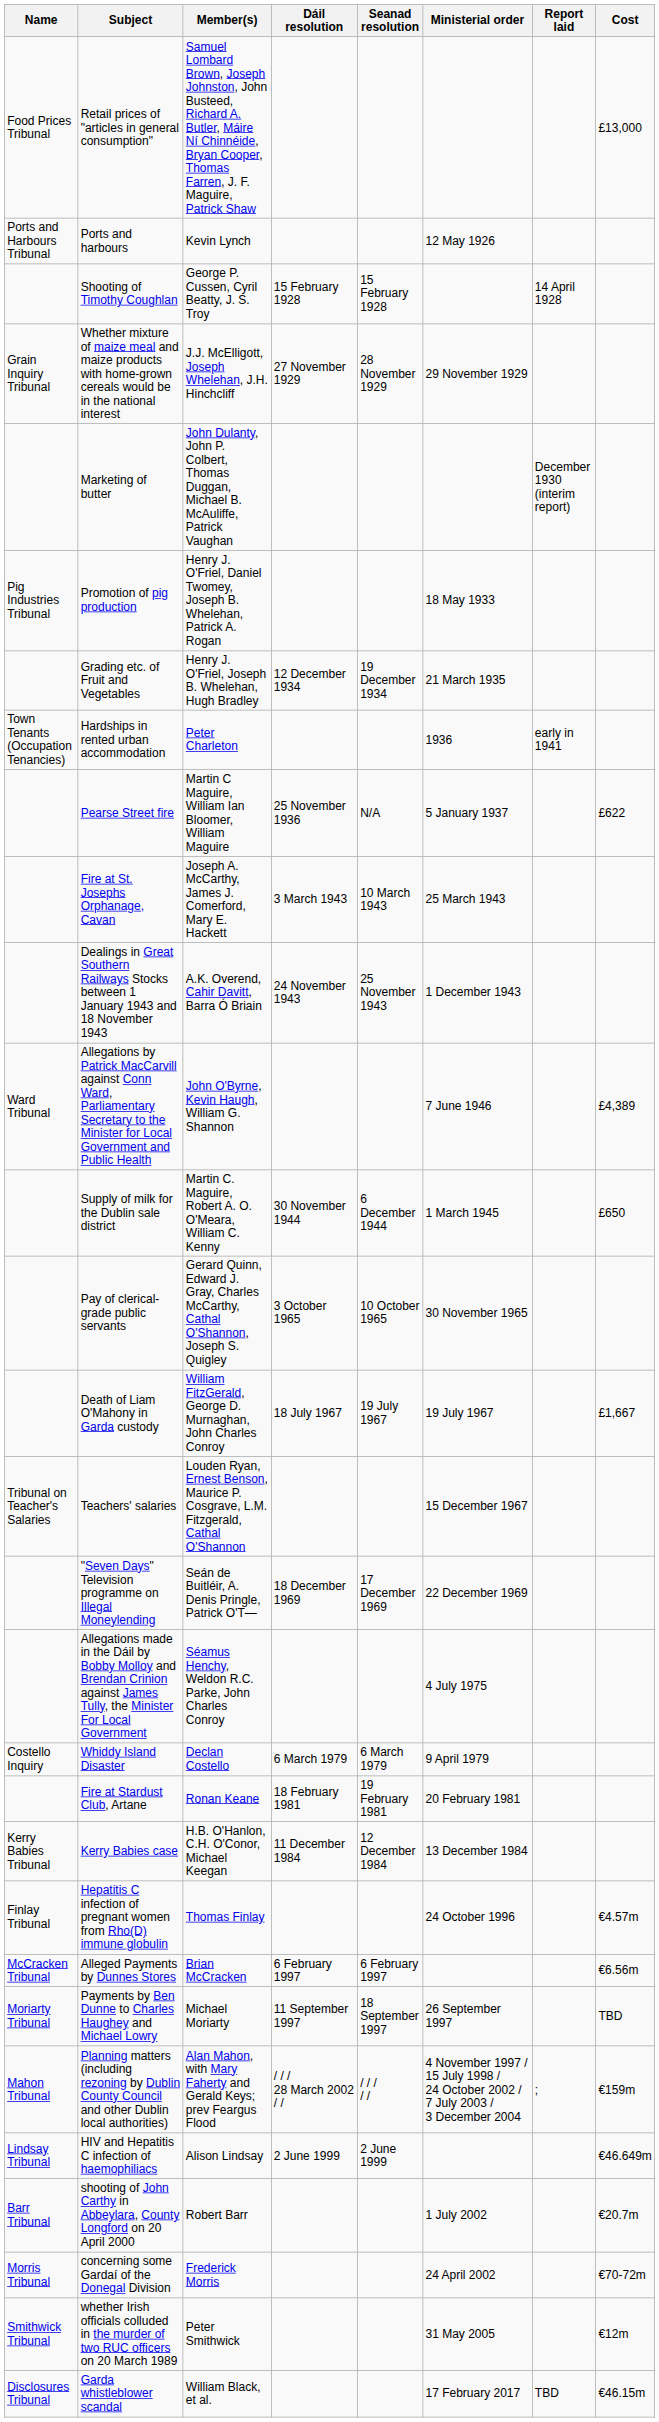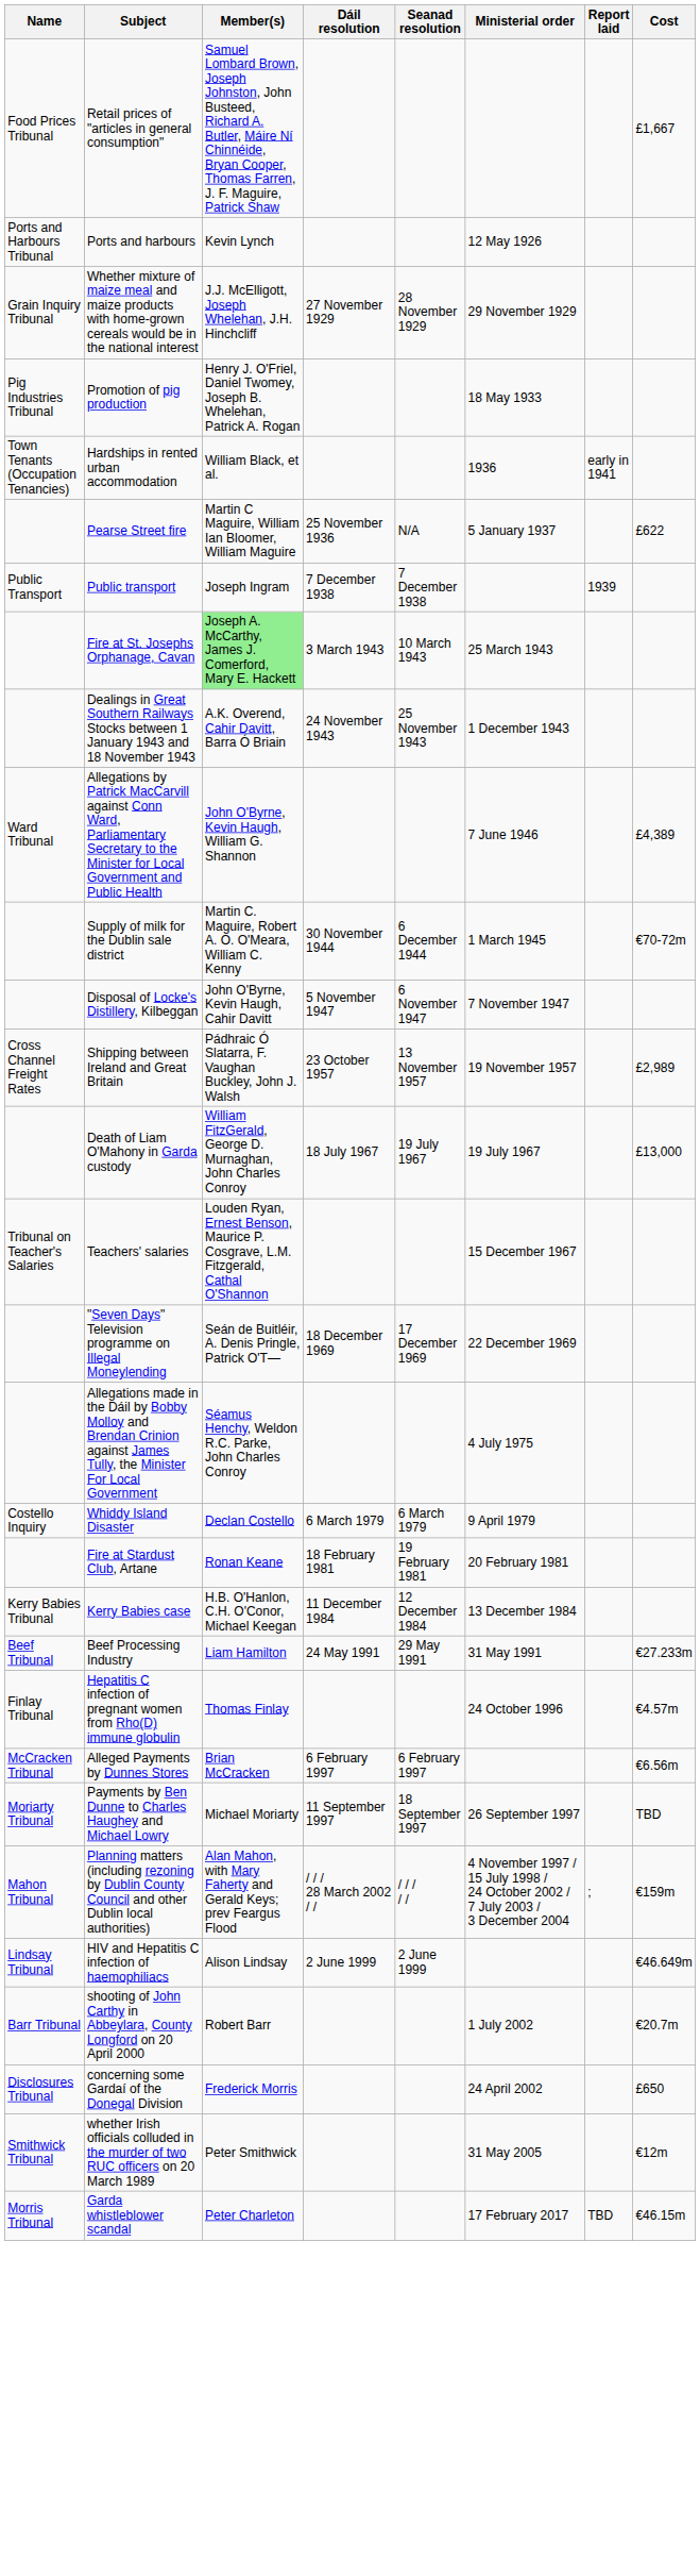 <table class="wikitable sortable">
 <tr>
 <th>Name</th>
 <th>Subject</th>
 <th>Member(s)</th>
 <th>Dáil<br>resolution</th>
 <th>Seanad<br>resolution</th>
 <th>Ministerial order</th>
 <th>Report laid</th>
 <th>Cost</th>
 </tr>
 <tr>
 <td>Food Prices Tribunal</td>
 <td>Retail prices of "articles in general consumption"</td>
 <td><a href='#'>Samuel Lombard Brown</a>, <a href='#'>Joseph Johnston</a>, John Busteed, <a href='#'>Richard A. Butler</a>, <a href='#'>Máire Ní Chinnéide</a>, <a href='#'>Bryan Cooper</a>, <a href='#'>Thomas Farren</a>, J. F. Maguire, <a href='#'>Patrick Shaw</a></td>
 <td></td>
 <td></td>
 <td></td>
 <td></td>
-<td>£13,000</td>
+<td>£1,667</td>
 </tr>
 <tr>
 <td>Ports and Harbours Tribunal</td>
 <td>Ports and harbours</td>
 <td>Kevin Lynch</td>
 <td></td>
 <td></td>
 <td>12 May 1926</td>
 <td></td>
-<td></td>
-</tr>
-<tr>
-<td></td>
-<td>Shooting of <a href='#'>Timothy Coughlan</a></td>
-<td>George P. Cussen, Cyril Beatty, J. S. Troy</td>
-<td>15 February 1928</td>
-<td>15 February 1928</td>
-<td></td>
-<td>14 April 1928</td>
 <td></td>
 </tr>
 <tr>
 <td>Grain Inquiry Tribunal</td>
 <td>Whether mixture of <a href='#'>maize meal</a> and maize products with home-grown cereals would be in the national interest</td>
 <td>J.J. McElligott, <a href='#'>Joseph Whelehan</a>, J.H. Hinchcliff</td>
 <td>27 November 1929</td>
 <td>28 November 1929</td>
 <td>29 November 1929</td>
 <td></td>
 <td></td>
 </tr>
 <tr>
-<td></td>
-<td>Marketing of butter</td>
-<td><a href='#'>John Dulanty</a>, John P. Colbert, Thomas Duggan, Michael B. McAuliffe, Patrick Vaughan</td>
-<td></td>
-<td></td>
-<td></td>
-<td>December 1930 (interim report)</td>
-<td></td>
-</tr>
-<tr>
 <td>Pig Industries Tribunal</td>
 <td>Promotion of <a href='#'>pig production</a></td>
 <td>Henry J. O'Friel, Daniel Twomey, Joseph B. Whelehan, Patrick A. Rogan</td>
 <td></td>
 <td></td>
 <td>18 May 1933</td>
 <td></td>
 <td></td>
 </tr>
 <tr>
-<td></td>
-<td>Grading etc. of Fruit and Vegetables</td>
-<td>Henry J. O'Friel, Joseph B. Whelehan, Hugh Bradley</td>
-<td>12 December 1934</td>
-<td>19 December 1934</td>
-<td>21 March 1935</td>
-<td></td>
-<td></td>
-</tr>
-<tr>
 <td>Town Tenants (Occupation Tenancies)</td>
 <td>Hardships in rented urban accommodation</td>
-<td><a href='#'>Peter Charleton</a></td>
+<td>William Black, et al.</td>
 <td></td>
 <td></td>
 <td>1936</td>
 <td>early in 1941</td>
 <td></td>
 </tr>
 <tr>
 <td></td>
 <td><a href='#'>Pearse Street fire</a></td>
 <td>Martin C Maguire, William Ian Bloomer, William Maguire</td>
 <td>25 November 1936</td>
 <td>N/A</td>
 <td>5 January 1937</td>
 <td></td>
 <td>£622</td>
 </tr>
 <tr>
+<td>Public Transport</td>
+<td><a href='#'>Public transport</a></td>
+<td>Joseph Ingram</td>
+<td>7 December 1938</td>
+<td>7 December 1938</td>
+<td></td>
+<td>1939</td>
+<td></td>
+</tr>
+<tr>
 <td></td>
 <td><a href='#'>Fire at St. Josephs Orphanage, Cavan</a></td>
-<td>Joseph A. McCarthy, James J. Comerford, Mary E. Hackett</td>
+<td style="background: lightgreen;">Joseph A. McCarthy, James J. Comerford, Mary E. Hackett</td>
 <td>3 March 1943</td>
 <td>10 March 1943</td>
 <td>25 March 1943</td>
 <td></td>
 <td></td>
 </tr>
 <tr>
 <td></td>
 <td>Dealings in <a href='#'>Great Southern Railways</a> Stocks between 1 January 1943 and 18 November 1943</td>
 <td>A.K. Overend, <a href='#'>Cahir Davitt</a>, Barra Ó Briain</td>
 <td>24 November 1943</td>
 <td>25 November 1943</td>
 <td>1 December 1943</td>
 <td></td>
 <td></td>
 </tr>
 <tr>
 <td>Ward Tribunal</td>
 <td>Allegations by <a href='#'>Patrick MacCarvill</a> against <a href='#'>Conn Ward</a>, <a href='#'>Parliamentary Secretary to the Minister for Local Government and Public Health</a></td>
 <td><a href='#'>John O'Byrne</a>, <a href='#'>Kevin Haugh</a>, William G. Shannon</td>
 <td></td>
 <td></td>
 <td>7 June 1946</td>
 <td></td>
 <td>£4,389</td>
 </tr>
 <tr>
 <td></td>
 <td>Supply of milk for the Dublin sale district</td>
 <td>Martin C. Maguire, Robert A. O. O'Meara, William C. Kenny</td>
 <td>30 November 1944</td>
 <td>6 December 1944</td>
 <td>1 March 1945</td>
 <td></td>
-<td>£650</td>
+<td>€70-72m</td>
 </tr>
 <tr>
 <td></td>
-<td>Pay of clerical-grade public servants</td>
-<td>Gerard Quinn, Edward J. Gray, Charles McCarthy, <a href='#'>Cathal O'Shannon</a>, Joseph S. Quigley</td>
-<td>3 October 1965</td>
-<td>10 October 1965</td>
-<td>30 November 1965</td>
+<td>Disposal of <a href='#'>Locke's Distillery</a>, Kilbeggan</td>
+<td>John O'Byrne, Kevin Haugh, Cahir Davitt</td>
+<td>5 November 1947</td>
+<td>6 November 1947</td>
+<td>7 November 1947</td>
 <td></td>
 <td></td>
+</tr>
+<tr>
+<td>Cross Channel Freight Rates</td>
+<td>Shipping between Ireland and Great Britain</td>
+<td>Pádhraic Ó Slatarra, F. Vaughan Buckley, John J. Walsh</td>
+<td>23 October 1957</td>
+<td>13 November 1957</td>
+<td>19 November 1957</td>
+<td></td>
+<td>£2,989</td>
 </tr>
 <tr>
 <td></td>
 <td>Death of Liam O'Mahony in <a href='#'>Garda</a> custody</td>
 <td><a href='#'>William FitzGerald</a>, George D. Murnaghan, John Charles Conroy</td>
 <td>18 July 1967</td>
 <td>19 July 1967</td>
 <td>19 July 1967</td>
 <td></td>
-<td>£1,667</td>
+<td>£13,000</td>
 </tr>
 <tr>
 <td>Tribunal on Teacher's Salaries</td>
 <td>Teachers' salaries</td>
 <td>Louden Ryan, <a href='#'>Ernest Benson</a>, Maurice P. Cosgrave, L.M. Fitzgerald, <a href='#'>Cathal O'Shannon</a></td>
 <td></td>
 <td></td>
 <td>15 December 1967</td>
 <td></td>
 <td></td>
 </tr>
 <tr>
 <td></td>
 <td>"<a href='#'>Seven Days</a>" Television programme on <a href='#'>Illegal Moneylending</a></td>
 <td>Seán de Buitléir, A. Denis Pringle, Patrick O'T—</td>
 <td>18 December 1969</td>
 <td>17 December 1969</td>
 <td>22 December 1969</td>
 <td></td>
 <td></td>
 </tr>
 <tr>
 <td></td>
 <td>Allegations made in the Dáil by <a href='#'>Bobby Molloy</a> and <a href='#'>Brendan Crinion</a> against <a href='#'>James Tully</a>, the <a href='#'>Minister For Local Government</a></td>
 <td><a href='#'>Séamus Henchy</a>, Weldon R.C. Parke, John Charles Conroy</td>
 <td></td>
 <td></td>
 <td>4 July 1975</td>
 <td></td>
 <td></td>
 </tr>
 <tr>
 <td>Costello Inquiry</td>
 <td><a href='#'>Whiddy Island Disaster</a></td>
 <td><a href='#'>Declan Costello</a></td>
 <td>6 March 1979</td>
 <td>6 March 1979</td>
 <td>9 April 1979</td>
 <td></td>
 <td></td>
 </tr>
 <tr>
 <td></td>
 <td><a href='#'>Fire at Stardust Club</a>, Artane</td>
 <td><a href='#'>Ronan Keane</a></td>
 <td>18 February 1981</td>
 <td>19 February 1981</td>
 <td>20 February 1981</td>
 <td></td>
 <td></td>
 </tr>
 <tr>
 <td>Kerry Babies Tribunal</td>
 <td><a href='#'>Kerry Babies case</a></td>
 <td>H.B. O'Hanlon, C.H. O'Conor, Michael Keegan</td>
 <td>11 December 1984</td>
 <td>12 December 1984</td>
 <td>13 December 1984</td>
 <td></td>
+</tr>
+<tr>
+<td><a href='#'>Beef Tribunal</a></td>
+<td>Beef Processing Industry</td>
+<td><a href='#'>Liam Hamilton</a></td>
+<td>24 May 1991</td>
+<td>29 May 1991</td>
+<td>31 May 1991</td>
+<td></td>
+<td>€27.233m</td>
 </tr>
 <tr>
 <td>Finlay Tribunal</td>
 <td><a href='#'>Hepatitis C</a> infection of pregnant women from <a href='#'>Rho(D) immune globulin</a></td>
 <td><a href='#'>Thomas Finlay</a></td>
 <td></td>
 <td></td>
 <td>24 October 1996</td>
 <td></td>
 <td>€4.57m</td>
 </tr>
 <tr>
 <td><a href='#'>McCracken Tribunal</a></td>
 <td>Alleged Payments by <a href='#'>Dunnes Stores</a></td>
 <td><a href='#'>Brian McCracken</a></td>
 <td>6 February 1997</td>
 <td>6 February 1997</td>
 <td></td>
 <td></td>
 <td>€6.56m</td>
 </tr>
 <tr>
 <td><a href='#'>Moriarty Tribunal</a></td>
 <td>Payments by <a href='#'>Ben Dunne</a> to <a href='#'>Charles Haughey</a> and <a href='#'>Michael Lowry</a></td>
 <td>Michael Moriarty</td>
 <td>11 September 1997</td>
 <td>18 September 1997</td>
 <td>26 September 1997</td>
 <td> </td>
 <td>TBD</td>
 </tr>
 <tr>
 <td><a href='#'>Mahon Tribunal</a></td>
 <td><a href='#'>Planning</a> matters (including <a href='#'>rezoning</a> by <a href='#'>Dublin County Council</a> and other Dublin local authorities)</td>
 <td><a href='#'>Alan Mahon</a>, with <a href='#'>Mary Faherty</a> and Gerald Keys; prev Feargus Flood</td>
 <td> /  /  / 28 March 2002 /  / </td>
 <td> /  /  /<br> /   /  </td>
 <td>4 November 1997 / 15 July 1998 / 24 October 2002 / 7 July 2003 / 3 December 2004</td>
 <td>; </td>
 <td>€159m</td>
 </tr>
 <tr>
 <td><a href='#'>Lindsay Tribunal</a></td>
 <td>HIV and Hepatitis C infection of <a href='#'>haemophiliacs</a></td>
 <td>Alison Lindsay</td>
 <td>2 June 1999</td>
 <td>2 June 1999</td>
 <td></td>
 <td></td>
 <td>€46.649m</td>
 </tr>
 <tr>
 <td><a href='#'>Barr Tribunal</a></td>
 <td>shooting of <a href='#'>John Carthy</a> in <a href='#'>Abbeylara</a>, <a href='#'>County Longford</a> on 20 April 2000</td>
 <td>Robert Barr</td>
 <td></td>
 <td></td>
 <td>1 July 2002</td>
 <td></td>
 <td>€20.7m</td>
 </tr>
 <tr>
-<td><a href='#'>Morris Tribunal</a></td>
+<td><a href='#'>Disclosures Tribunal</a></td>
 <td>concerning some Gardaí of the <a href='#'>Donegal</a> Division</td>
 <td><a href='#'>Frederick Morris</a></td>
 <td></td>
 <td></td>
 <td>24 April 2002</td>
 <td></td>
-<td>€70-72m</td>
+<td>£650</td>
 </tr>
 <tr>
 <td><a href='#'>Smithwick Tribunal</a></td>
 <td>whether Irish officials colluded in <a href='#'>the murder of two RUC officers</a> on 20 March 1989</td>
 <td>Peter Smithwick</td>
 <td></td>
 <td></td>
 <td>31 May 2005</td>
 <td></td>
 <td>€12m</td>
 </tr>
 <tr>
-<td><a href='#'>Disclosures Tribunal</a></td>
+<td><a href='#'>Morris Tribunal</a></td>
 <td><a href='#'>Garda whistleblower scandal</a></td>
-<td>William Black, et al.</td>
+<td><a href='#'>Peter Charleton</a></td>
 <td></td>
 <td></td>
 <td>17 February 2017</td>
 <td>TBD</td>
 <td>€46.15m</td>
 </tr>
 </table>
